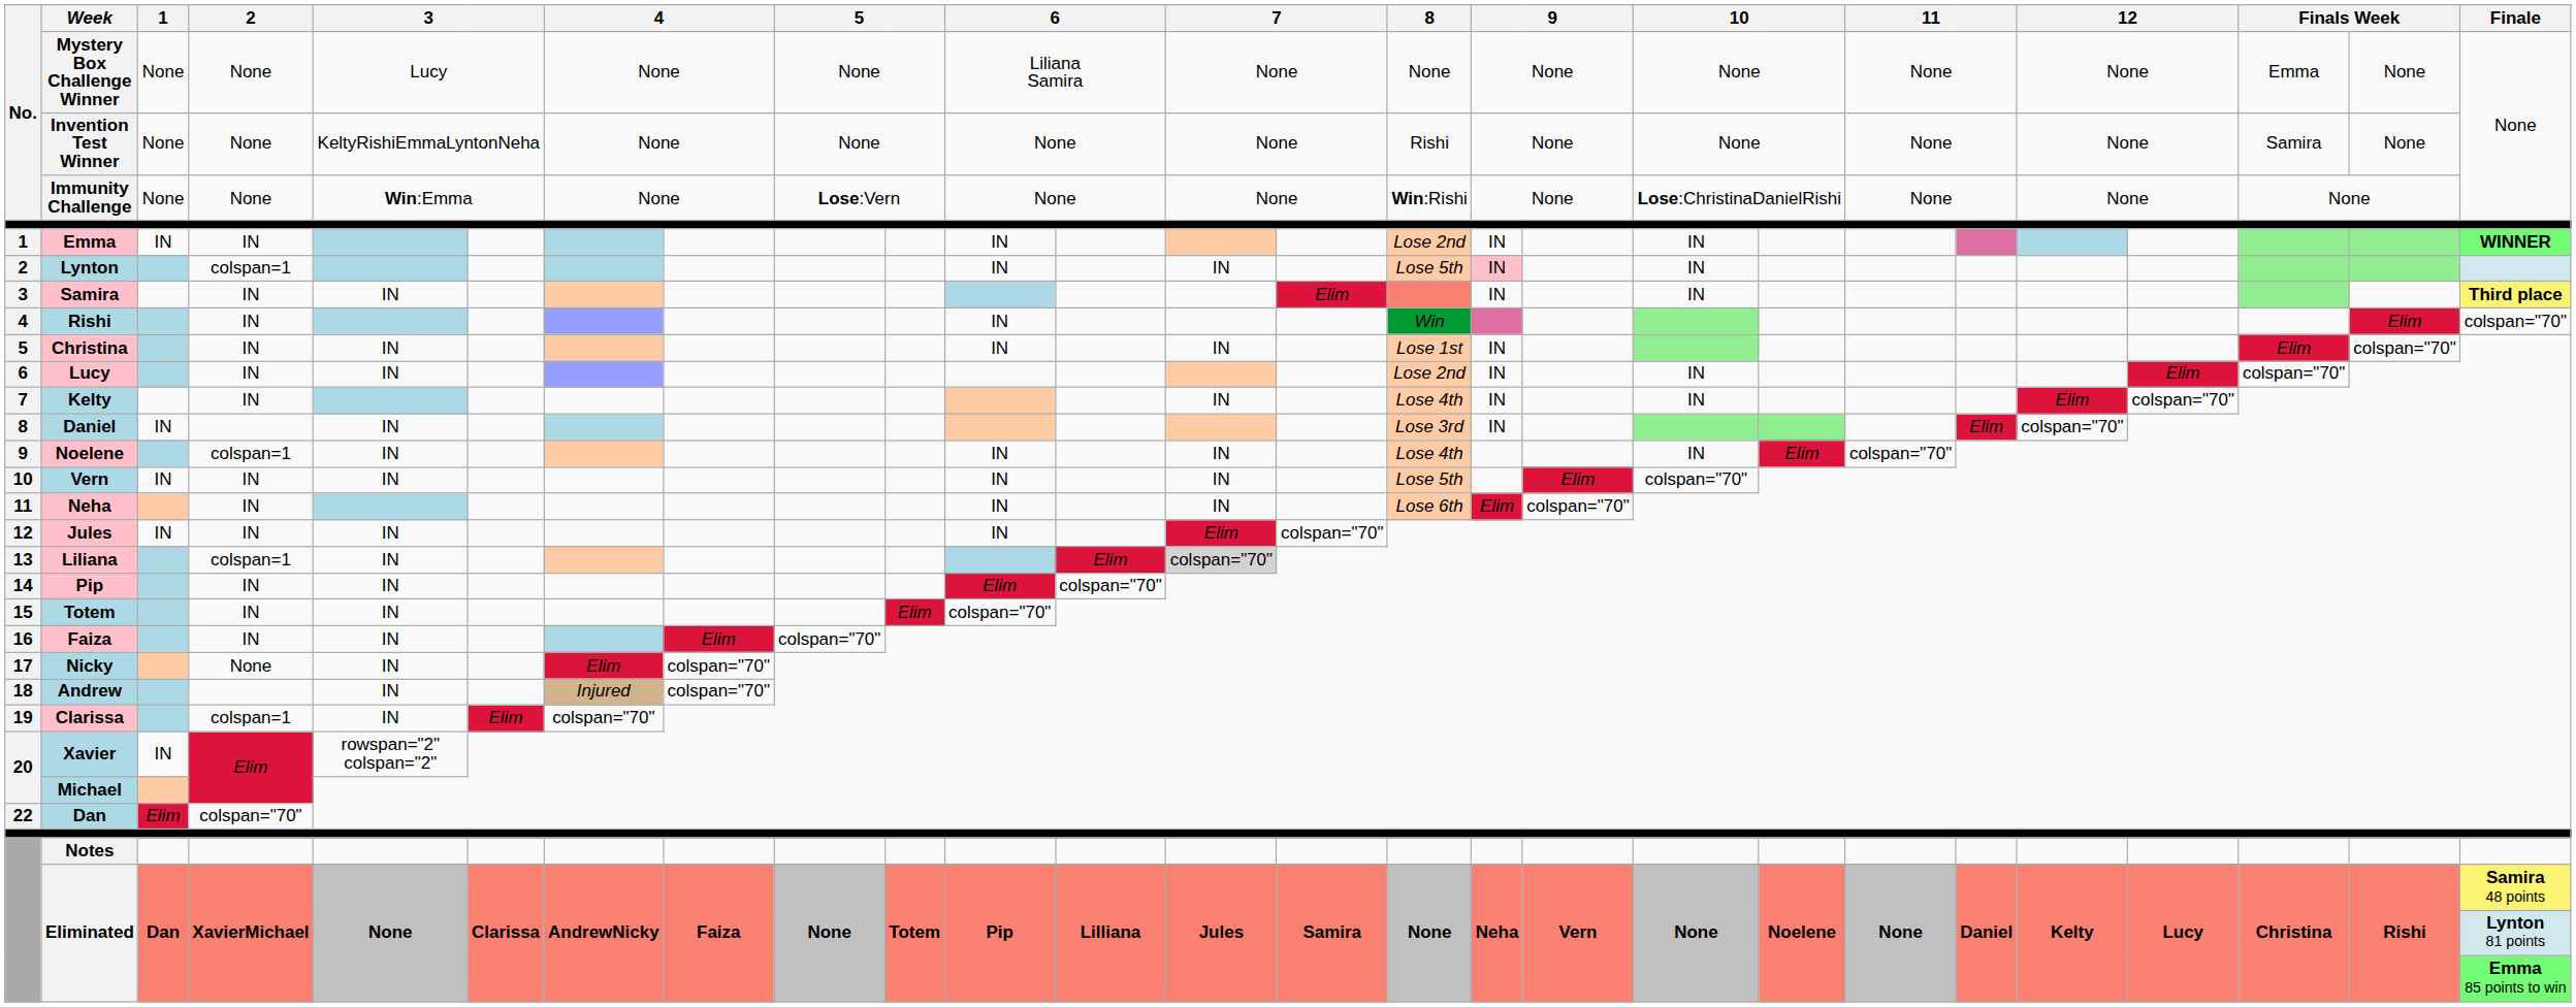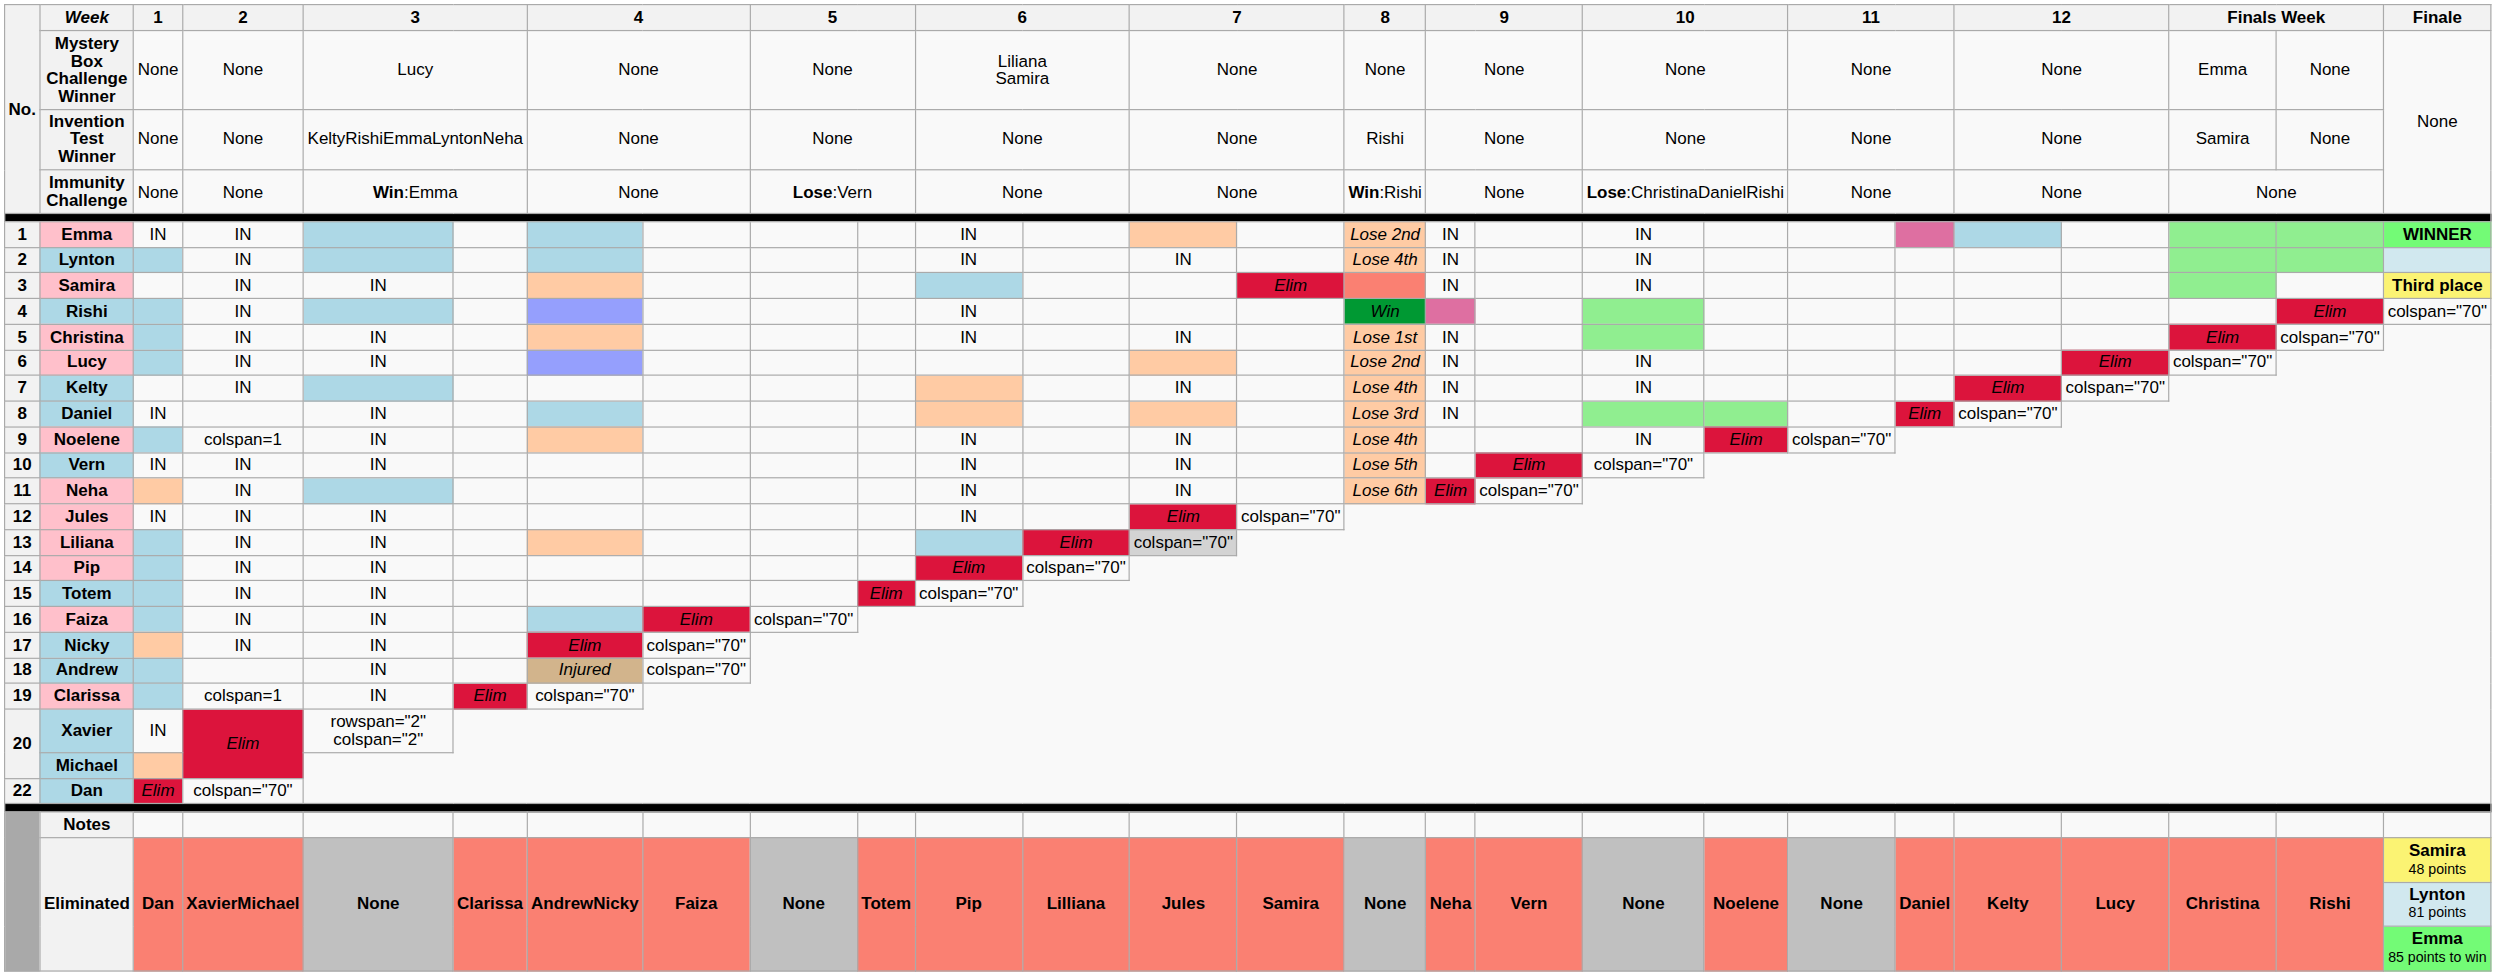 <table class="wikitable" style="text-align:center; width:80%; font-size:90%; line-height:15px">
 <tr>
 <th rowspan="4">No.</th>
 <th><em>Week</em></th>
 <th colspan=1>1</th>
 <th colspan=1>2</th>
 <th colspan=2>3</th>
 <th colspan=2>4</th>
 <th colspan=2>5</th>
 <th colspan=2>6</th>
 <th colspan=2>7</th>
 <th colspan=1>8</th>
 <th colspan=2>9</th>
 <th colspan=2>10</th>
 <th colspan=2>11</th>
 <th colspan=2>12</th>
 <th colspan=2>Finals Week</th>
 <th colspan=1>Finale</th>
 </tr>
 <tr>
 <th>Mystery Box Challenge Winner</th>
 <td>None</td>
 <td colspan=1>None</td>
 <td colspan=2>Lucy</td>
 <td colspan=2>None</td>
 <td colspan=2>None</td>
 <td colspan="2">Liliana<br>Samira</td>
 <td colspan=2>None</td>
 <td>None</td>
 <td colspan=2>None</td>
 <td colspan=2>None</td>
 <td colspan=2>None</td>
 <td colspan=2>None</td>
 <td>Emma</td>
 <td>None</td>
 <td rowspan=3>None</td>
 </tr>
 <tr>
 <th>Invention Test Winner</th>
 <td>None</td>
 <td colspan=1>None</td>
 <td colspan="2">KeltyRishiEmmaLyntonNeha</td>
 <td colspan=2>None</td>
 <td colspan=2>None</td>
 <td colspan=2>None</td>
 <td colspan=2>None</td>
 <td>Rishi</td>
 <td colspan=2>None</td>
 <td colspan=2>None</td>
 <td colspan=2>None</td>
 <td colspan=2>None</td>
 <td>Samira</td>
 <td>None</td>
 </tr>
 <tr>
 <th>Immunity<br>Challenge</th>
 <td>None</td>
 <td colspan=1>None</td>
 <td colspan="2"><strong>Win</strong>:Emma</td>
 <td colspan=2>None</td>
 <td colspan="2"><strong>Lose</strong>:Vern</td>
 <td colspan=2>None</td>
 <td colspan=2>None</td>
 <td><strong>Win</strong>:Rishi</td>
 <td colspan=2>None</td>
 <td colspan=2><strong>Lose</strong>:ChristinaDanielRishi</td>
 <td colspan=2>None</td>
 <td colspan=2>None</td>
 <td colspan=2>None</td>
 </tr>
 <tr>
 <td colspan="26" style="background:black;"></td>
 </tr>
 <tr>
 <th>1</th>
 <th style="background:pink;">Emma</th>
 <td>IN</td>
 <td>IN</td>
 <td style="background:lightblue;"></td>
 <td></td>
 <td style="background:lightblue;"></td>
 <td></td>
 <td></td>
 <td></td>
 <td>IN</td>
 <td></td>
 <td style="background:#FFCBA4;"></td>
 <td></td>
 <td style="background:#FFCBA4;"><em>Lose 2nd</em></td>
 <td>IN</td>
 <td></td>
 <td>IN</td>
 <td></td>
 <td></td>
 <td style="background:#de6fa1;"></td>
 <td style="background:lightblue;"></td>
 <td></td>
 <td style="background:lightgreen;"></td>
 <td style="background:lightgreen;"></td>
 <td style="background:#73fb76;"><strong>WINNER</strong></td>
 </tr>
 <tr>
 <th>2</th>
 <th style="background:lightblue;">Lynton</th>
 <td style="background:lightblue;"></td>
-<td>colspan=1 </td>
+<td>IN</td>
 <td style="background:lightblue;"></td>
 <td></td>
 <td style="background:lightblue;"></td>
 <td></td>
 <td></td>
 <td></td>
 <td>IN</td>
 <td></td>
 <td>IN</td>
 <td></td>
-<td style="background:#FFCBA4;"><em>Lose 5th</em></td>
-<td style="background: pink;">IN</td>
+<td style="background:#FFCBA4;"><em>Lose 4th</em></td>
+<td>IN</td>
 <td></td>
 <td>IN</td>
 <td></td>
 <td></td>
 <td></td>
 <td></td>
 <td></td>
 <td style="background:lightgreen;"></td>
 <td style="background:lightgreen;"></td>
 <td style="background:#d1e8ef;"></td>
 </tr>
 <tr>
 <th>3</th>
 <th style="background:pink;">Samira</th>
 <td></td>
 <td>IN</td>
 <td>IN</td>
 <td></td>
 <td style="background:#FFCBA4;"></td>
 <td></td>
 <td></td>
 <td></td>
 <td style="background:lightblue;"></td>
 <td></td>
 <td></td>
 <td style="background:crimson;"><em>Elim</em></td>
 <td style="background:salmon;"></td>
 <td>IN</td>
 <td></td>
 <td>IN</td>
 <td></td>
 <td></td>
 <td></td>
 <td></td>
 <td></td>
 <td style="background:lightgreen;"></td>
 <td></td>
 <td style="background:#fbf373;"><strong>Third place</strong></td>
 </tr>
 <tr>
 <th>4</th>
 <th style="background:lightblue;">Rishi</th>
 <td style="background:lightblue;"></td>
 <td>IN</td>
 <td style="background:lightblue;"></td>
 <td></td>
 <td style="background:#959ffd;"></td>
 <td></td>
 <td></td>
 <td></td>
 <td>IN</td>
 <td></td>
 <td></td>
 <td></td>
 <td style="background:#093;"><span><em>Win</em></span></td>
 <td style="background:#de6fa1;"></td>
 <td></td>
 <td style="background:lightgreen;"></td>
 <td></td>
 <td></td>
 <td></td>
 <td></td>
 <td></td>
 <td></td>
 <td style="background:crimson;"><em>Elim</em></td>
 <td>colspan="70" </td>
 </tr>
 <tr>
 <th>5</th>
 <th style="background:pink;">Christina</th>
 <td style="background:lightblue;"></td>
 <td>IN</td>
 <td>IN</td>
 <td></td>
 <td style="background:#FFCBA4;"></td>
 <td></td>
 <td></td>
 <td></td>
 <td>IN</td>
 <td></td>
 <td>IN</td>
 <td></td>
 <td style="background:#FFCBA4;"><em>Lose 1st</em></td>
 <td>IN</td>
 <td></td>
 <td style="background:lightgreen;"></td>
 <td></td>
 <td></td>
 <td></td>
 <td></td>
 <td></td>
 <td style="background:crimson;"><em>Elim</em></td>
 <td>colspan="70" </td>
 </tr>
 <tr>
 <th>6</th>
 <th style="background:pink;">Lucy</th>
 <td style="background:lightblue;"></td>
 <td>IN</td>
 <td>IN</td>
 <td></td>
 <td style="background:#959ffd;"></td>
 <td></td>
 <td></td>
 <td></td>
 <td></td>
 <td></td>
 <td style="background:#FFCBA4;"></td>
 <td></td>
 <td style="background:#FFCBA4;"><em>Lose 2nd</em></td>
 <td>IN</td>
 <td></td>
 <td>IN</td>
 <td></td>
 <td></td>
 <td></td>
 <td></td>
 <td style="background:crimson;"><em>Elim</em></td>
 <td>colspan="70" </td>
 </tr>
 <tr>
 <th>7</th>
 <th style="background:lightblue;">Kelty</th>
 <td></td>
 <td>IN</td>
 <td style="background:lightblue;"></td>
 <td></td>
 <td></td>
 <td></td>
 <td></td>
 <td></td>
 <td style="background:#FFCBA4;"></td>
 <td></td>
 <td>IN</td>
 <td></td>
 <td style="background:#FFCBA4;"><em>Lose 4th</em></td>
 <td>IN</td>
 <td></td>
 <td>IN</td>
 <td></td>
 <td></td>
 <td></td>
 <td style="background:crimson;"><em>Elim</em></td>
 <td>colspan="70" </td>
 </tr>
 <tr>
 <th>8</th>
 <th style="background:lightblue;">Daniel</th>
 <td>IN</td>
 <td></td>
 <td>IN</td>
 <td></td>
 <td style="background:lightblue;"></td>
 <td></td>
 <td></td>
 <td></td>
 <td style="background:#FFCBA4;"></td>
 <td></td>
 <td style="background:#FFCBA4;"></td>
 <td></td>
 <td style="background:#FFCBA4;"><em>Lose 3rd</em></td>
 <td>IN</td>
 <td></td>
 <td style="background:lightgreen;"></td>
 <td style="background:lightgreen;"></td>
 <td></td>
 <td style="background:crimson;"><em>Elim</em></td>
 <td>colspan="70" </td>
 </tr>
 <tr>
 <th>9</th>
 <th style="background:pink;">Noelene</th>
 <td style="background:lightblue;"></td>
 <td>colspan=1 </td>
 <td>IN</td>
 <td></td>
 <td style="background:#FFCBA4;"></td>
 <td></td>
 <td></td>
 <td></td>
 <td>IN</td>
 <td></td>
 <td>IN</td>
 <td></td>
 <td style="background:#FFCBA4;"><em>Lose 4th</em></td>
 <td></td>
 <td></td>
 <td>IN</td>
 <td style="background:crimson;"><em>Elim</em></td>
 <td>colspan="70" </td>
 </tr>
 <tr>
 <th>10</th>
 <th style="background:lightblue;">Vern</th>
 <td>IN</td>
 <td>IN</td>
 <td>IN</td>
 <td></td>
 <td></td>
 <td></td>
 <td></td>
 <td></td>
 <td>IN</td>
 <td></td>
 <td>IN</td>
 <td></td>
 <td style="background:#FFCBA4;"><em>Lose 5th</em></td>
 <td></td>
 <td style="background:crimson;"><em>Elim</em></td>
 <td>colspan="70" </td>
 </tr>
 <tr>
 <th>11</th>
 <th style="background:pink;">Neha</th>
 <td style="background:#FFCBA4;"></td>
 <td>IN</td>
 <td style="background:lightblue;"></td>
 <td></td>
 <td></td>
 <td></td>
 <td></td>
 <td></td>
 <td>IN</td>
 <td></td>
 <td>IN</td>
 <td></td>
 <td style="background:#FFCBA4;"><em>Lose 6th</em></td>
 <td style="background:crimson;"><em>Elim</em></td>
 <td>colspan="70" </td>
 </tr>
 <tr>
 <th>12</th>
 <th style="background:pink;">Jules</th>
 <td>IN</td>
 <td>IN</td>
 <td>IN</td>
 <td></td>
 <td></td>
 <td></td>
 <td></td>
 <td></td>
 <td>IN</td>
 <td></td>
 <td style="background:crimson;"><em>Elim</em></td>
 <td>colspan="70" </td>
 </tr>
 <tr>
 <th>13</th>
 <th style="background:pink;">Liliana</th>
 <td style="background:lightblue;"></td>
-<td>colspan=1 </td>
+<td>IN</td>
 <td>IN</td>
 <td></td>
 <td style="background:#FFCBA4;"></td>
 <td></td>
 <td></td>
 <td></td>
 <td style="background:lightblue;"></td>
 <td style="background:crimson;"><em>Elim</em></td>
 <td style="background: lightgrey;">colspan="70" </td>
 </tr>
 <tr>
 <th>14</th>
 <th style="background:pink;">Pip</th>
 <td style="background:lightblue;"></td>
 <td>IN</td>
 <td>IN</td>
 <td></td>
 <td></td>
 <td></td>
 <td></td>
 <td></td>
 <td style="background:crimson;"><em>Elim</em></td>
 <td>colspan="70" </td>
 </tr>
 <tr>
 <th>15</th>
 <th style="background:lightblue;">Totem</th>
 <td style="background:lightblue;"></td>
 <td>IN</td>
 <td>IN</td>
 <td></td>
 <td></td>
 <td></td>
 <td></td>
 <td style="background:crimson;"><em>Elim</em></td>
 <td>colspan="70" </td>
 </tr>
 <tr>
 <th>16</th>
 <th style="background:pink;">Faiza</th>
 <td style="background:lightblue;"></td>
 <td>IN</td>
 <td>IN</td>
 <td></td>
 <td style="background:lightblue;"></td>
 <td style="background:crimson;"><em>Elim</em></td>
 <td>colspan="70" </td>
 </tr>
 <tr>
 <th>17</th>
 <th style="background:lightblue;">Nicky</th>
 <td style="background:#FFCBA4;"></td>
-<td colspan=1>None</td>
+<td>IN</td>
 <td>IN</td>
 <td></td>
 <td style="background:crimson;"><em>Elim</em></td>
 <td>colspan="70" </td>
 </tr>
 <tr>
 <th>18</th>
 <th style="background:lightblue;">Andrew</th>
 <td style="background:lightblue;"></td>
 <td></td>
 <td>IN</td>
 <td></td>
 <td style="background:tan;"><em>Injured</em></td>
 <td>colspan="70" </td>
 </tr>
 <tr>
 <th>19</th>
 <th style="background:pink;">Clarissa</th>
 <td style="background:lightblue;"></td>
 <td>colspan=1 </td>
 <td>IN</td>
 <td style="background:crimson;"><em>Elim</em></td>
 <td>colspan="70" </td>
 </tr>
 <tr>
 <th rowspan="2">20</th>
 <th style="background:lightblue;">Xavier</th>
 <td>IN</td>
 <td rowspan="2" style="background:crimson;"><em>Elim</em></td>
 <td>rowspan="2" colspan="2" </td>
 </tr>
 <tr>
 <th style="background:lightblue;">Michael</th>
 <td style="background:#FFCBA4;"></td>
 </tr>
 <tr>
 <th>22</th>
 <th style="background:lightblue;">Dan</th>
 <td style="background:crimson;"><em>Elim</em></td>
 <td>colspan="70" </td>
 </tr>
 <tr>
 <td colspan="26" style="background:black;"></td>
 </tr>
 <tr>
 <td rowspan="6" colspan="1" style="background:darkgray;"></td>
 <th>Notes</th>
 <td><em></em></td>
 <td><em></em></td>
 <td><em></em></td>
 <td><em></em></td>
 <td><em></em></td>
 <td></td>
 <td><em></em></td>
 <td></td>
 <td><em></em></td>
 <td></td>
 <td><em></em></td>
 <td></td>
 <td><em></em></td>
 <td><em></em></td>
 <td></td>
 <td></td>
 <td><em></em></td>
 <td><em></em></td>
 <td><em></em></td>
 <td></td>
 <td></td>
 <td></td>
 <td></td>
 <td></td>
 </tr>
 <tr>
 <th rowspan=3>Eliminated</th>
 <td style="background:salmon;" rowspan="4"><strong>Dan</strong></td>
 <td style="background:salmon;" rowspan="4"><strong>XavierMichael</strong></td>
 <td style="background:silver;" rowspan="4"><strong>None</strong></td>
 <td style="background:salmon;" rowspan="4"><strong>Clarissa</strong></td>
 <td style="background:salmon;" rowspan="4"><strong>AndrewNicky</strong></td>
 <td style="background:salmon;" rowspan="4"><strong>Faiza</strong></td>
 <td style="background:silver;" rowspan="4"><strong>None</strong></td>
 <td style="background:salmon;" rowspan="4"><strong>Totem</strong></td>
 <td style="background:salmon;" rowspan="4"><strong>Pip</strong></td>
 <td style="background:salmon;" rowspan="4"><strong>Lilliana</strong></td>
 <td style="background:salmon;" rowspan="4"><strong>Jules</strong></td>
 <td style="background:salmon;" rowspan="4"><strong>Samira</strong><br></td>
 <td style="background:silver;" rowspan="4"><strong>None</strong></td>
 <td style="background:salmon;" rowspan="4"><strong>Neha</strong></td>
 <td style="background:salmon;" rowspan="4"><strong>Vern</strong></td>
 <td style="background:silver;" rowspan="4"><strong>None</strong></td>
 <td style="background:salmon;" rowspan="4"><strong>Noelene</strong></td>
 <td style="background:silver;" rowspan="4"><strong>None</strong></td>
 <td style="background:salmon;" rowspan="4"><strong>Daniel</strong></td>
 <td style="background:salmon;" rowspan="4"><strong>Kelty</strong></td>
 <td style="background:salmon;" rowspan="4"><strong>Lucy</strong></td>
 <td style="background:salmon;" rowspan="4"><strong>Christina</strong></td>
 <td style="background:salmon;" rowspan="4"><strong>Rishi</strong></td>
 <td style="background:#fbf373;"><strong>Samira</strong><br><small>48 points</small></td>
 </tr>
 <tr>
 <td style="background:#d1e8ef;"><strong>Lynton</strong><br><small>81 points</small></td>
 </tr>
 <tr>
 <td style="background:#73fb76;"><strong>Emma</strong><br><small>85 points to win</small></td>
 </tr>
 </table>
